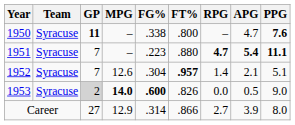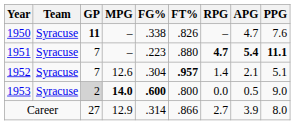 <table class="wikitable sortable" style="font-size:95%; text-align:right;">
 <tr>
 <th>Year</th>
 <th>Team</th>
 <th>GP</th>
 <th>MPG</th>
 <th>FG%</th>
 <th>FT%</th>
 <th>RPG</th>
 <th>APG</th>
 <th>PPG</th>
 </tr>
 <tr>
 <td style="text-align:left;"><a href='#'>1950</a></td>
 <td style="text-align:left;"><a href='#'>Syracuse</a></td>
 <td><strong>11</strong></td>
 <td>–</td>
 <td>.338</td>
-<td>.800</td>
+<td>.826</td>
 <td>–</td>
 <td>4.7</td>
-<td><strong>7.6</strong></td>
+<td>7.6</td>
 </tr>
 <tr>
 <td style="text-align:left;"><a href='#'>1951</a></td>
 <td style="text-align:left;"><a href='#'>Syracuse</a></td>
 <td>7</td>
 <td>–</td>
 <td>.223</td>
 <td>.880</td>
 <td><strong>4.7</strong></td>
 <td><strong>5.4</strong></td>
 <td><strong>11.1</strong></td>
 </tr>
 <tr>
 <td style="text-align:left;"><a href='#'>1952</a></td>
 <td style="text-align:left;"><a href='#'>Syracuse</a></td>
 <td>7</td>
 <td>12.6</td>
 <td>.304</td>
 <td><strong>.957</strong></td>
 <td>1.4</td>
 <td>2.1</td>
 <td>5.1</td>
 </tr>
 <tr>
 <td style="text-align:left;"><a href='#'>1953</a></td>
 <td style="text-align:left;"><a href='#'>Syracuse</a></td>
 <td style="background: lightgrey;">2</td>
 <td><strong>14.0</strong></td>
 <td><strong>.600</strong></td>
-<td>.826</td>
+<td>.800</td>
 <td>0.0</td>
 <td>0.5</td>
 <td>9.0</td>
 </tr>
 <tr class="sortbottom">
 <td colspan="2" style="text-align:center;">Career</td>
 <td>27</td>
 <td>12.9</td>
 <td>.314</td>
 <td>.866</td>
 <td>2.7</td>
 <td>3.9</td>
 <td>8.0</td>
 </tr>
 </table>
